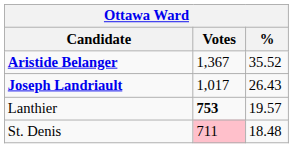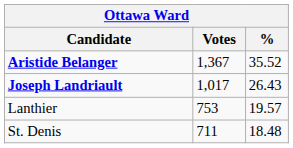 <table class="wikitable">
 <tr>
 <th colspan="3"><a href='#'>Ottawa Ward</a></th>
 </tr>
 <tr>
 <th style="width: 200px">Candidate</th>
 <th style="width: 50px">Votes</th>
 <th style="width: 40px">%</th>
 </tr>
 <tr>
 <td><strong><a href='#'>Aristide Belanger</a></strong></td>
 <td>1,367</td>
 <td>35.52</td>
 </tr>
 <tr>
 <td><strong><a href='#'>Joseph Landriault</a></strong></td>
 <td>1,017</td>
 <td>26.43</td>
 </tr>
 <tr>
 <td>Lanthier</td>
-<td><strong>753</strong></td>
+<td>753</td>
 <td>19.57</td>
 </tr>
 <tr>
 <td>St. Denis</td>
-<td style="background: pink;">711</td>
+<td>711</td>
 <td>18.48</td>
 </tr>
 </table>
